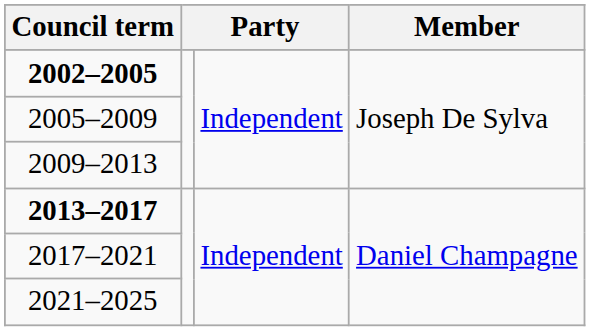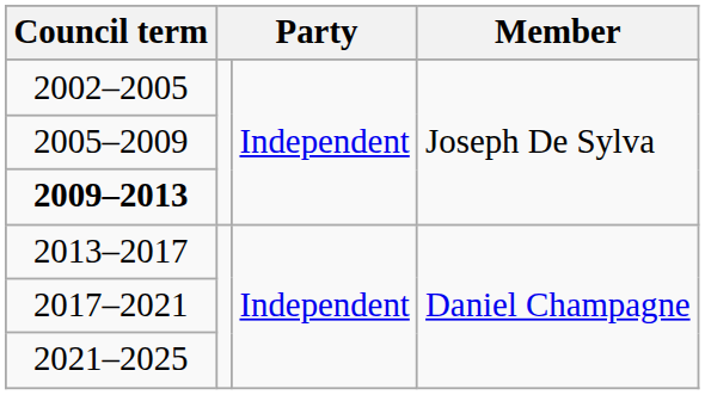 <table class="wikitable">
 <tr>
 <th>Council term</th>
 <th colspan="2">Party</th>
 <th>Member</th>
 </tr>
 <tr>
-<td align="center"><strong>2002–2005</strong></td>
+<td align="center">2002–2005</td>
 <td rowspan="3" style="color:inherit;background-color:"></td>
 <td rowspan="3"><a href='#'>Independent</a></td>
 <td rowspan="3">Joseph De Sylva</td>
 </tr>
 <tr>
 <td align="center">2005–2009</td>
 </tr>
 <tr>
-<td align="center">2009–2013</td>
+<td align="center"><strong>2009–2013</strong></td>
 </tr>
 <tr>
-<td align="center"><strong>2013–2017</strong></td>
+<td align="center">2013–2017</td>
 <td rowspan="3" style="color:inherit;background-color:"></td>
 <td rowspan="3"><a href='#'>Independent</a></td>
 <td rowspan="3"><a href='#'>Daniel Champagne</a></td>
 </tr>
 <tr>
 <td align="center">2017–2021</td>
 </tr>
 <tr>
 <td align="center">2021–2025</td>
 </tr>
 </table>
